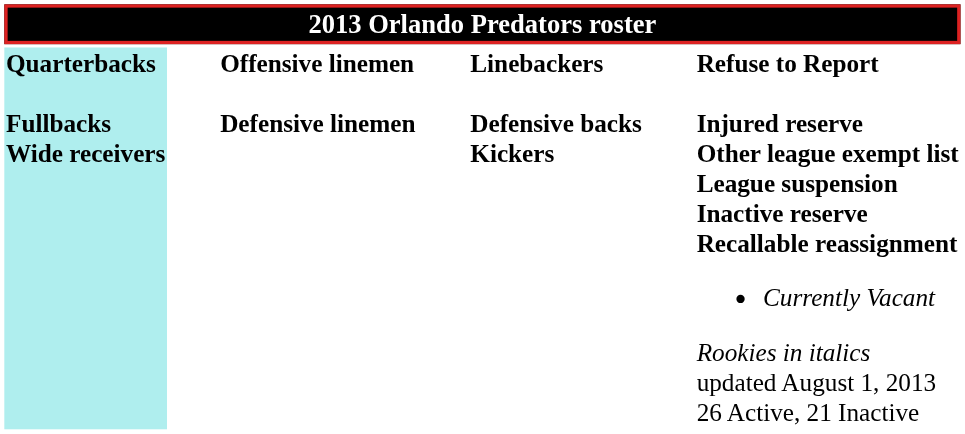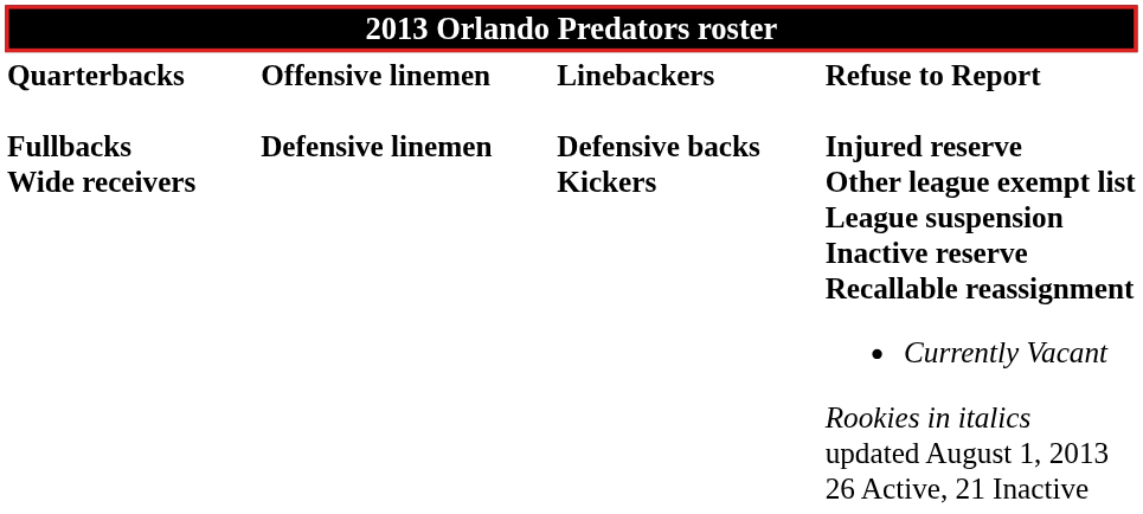 <table class="toccolours" style="text-align: left;">
 <tr>
 <th colspan=7 style="background:black; border: 2px solid #d22; color:white; text-align:center;"><strong>2013 Orlando Predators roster</strong></th>
 </tr>
 <tr>
-<td style="background: paleturquoise; font-size: 95%;" valign="top"><strong>Quarterbacks</strong><br> <br><strong>Fullbacks</strong> <br><strong>Wide receivers</strong>    </td>
+<td style="font-size: 95%;" valign="top"><strong>Quarterbacks</strong><br> <br><strong>Fullbacks</strong> <br><strong>Wide receivers</strong>    </td>
 <td style="width: 25px;"></td>
 <td style="font-size: 95%;" valign="top"><strong>Offensive linemen</strong><br>    <br><strong>Defensive linemen</strong>     </td>
 <td style="width: 25px;"></td>
 <td style="font-size: 95%;" valign="top"><strong>Linebackers</strong><br>  <br><strong>Defensive backs</strong>     <br><strong>Kickers</strong> </td>
 <td style="width: 25px;"></td>
 <td style="font-size: 95%;" valign="top"><strong>Refuse to Report</strong><br> <br><strong>Injured reserve</strong>              <br><strong>Other league exempt list</strong> <br><strong>League suspension</strong>  <br><strong>Inactive reserve</strong>  <br><strong>Recallable reassignment</strong><ul><li><em>Currently Vacant</em></li></ul> <em>Rookies in italics</em><br> <span></span> updated August 1, 2013<br> 26 Active, 21 Inactive </td>
 </tr>
 <tr>
 </tr>
 </table>
